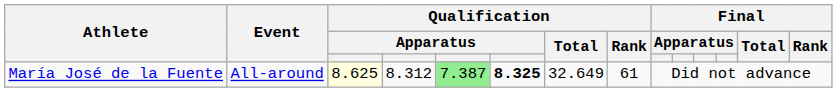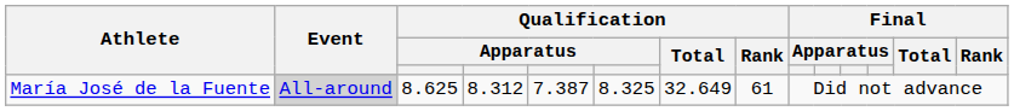 <table class="wikitable" style="font-size:90%">
 <tr>
 <th rowspan="3">Athlete</th>
 <th rowspan="3">Event</th>
 <th colspan=6>Qualification</th>
 <th colspan=6>Final</th>
 </tr>
 <tr style="font-size:95%">
 <th colspan=4>Apparatus</th>
 <th rowspan=2>Total</th>
 <th rowspan=2>Rank</th>
 <th colspan=4>Apparatus</th>
 <th rowspan=2>Total</th>
 <th rowspan=2>Rank</th>
 </tr>
 <tr style="font-size:95%">
 <th></th>
 <th></th>
 <th></th>
 <th></th>
 <th></th>
 <th></th>
 <th></th>
 <th></th>
 </tr>
 <tr align=center>
 <td align=left><a href='#'>María José de la Fuente</a></td>
-<td align=left><a href='#'>All-around</a></td>
-<td style="background: lightyellow;">8.625</td>
+<td align=left style="background: lightgrey;"><a href='#'>All-around</a></td>
+<td>8.625</td>
 <td>8.312</td>
-<td style="background: lightgreen;">7.387</td>
-<td><strong>8.325</strong></td>
+<td>7.387</td>
+<td>8.325</td>
 <td>32.649</td>
 <td>61</td>
 <td colspan=6>Did not advance</td>
 </tr>
 </table>
